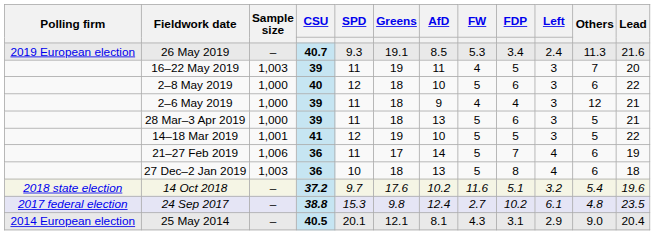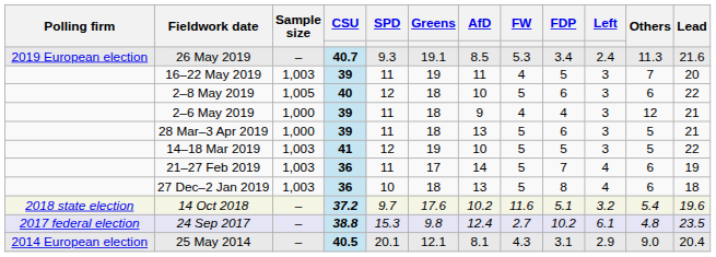 <table class="wikitable sortable" style="text-align:center;font-size:90%;line-height:14px;">
 <tr style="height:40px;">
 <th style="width:160px;" rowspan="2">Polling firm</th>
 <th style="width:125px;" rowspan="2">Fieldwork date</th>
 <th style="width:35px;" rowspan="2">Sample<br>size</th>
 <th class="unsortable" style="width:40px;"><span><a href='#'>CSU</a></span><br></th>
 <th class="unsortable" style="width:40px;"><a href='#'><span>SPD</span></a><br></th>
 <th class="unsortable" style="width:40px;"><a href='#'><span>Greens</span></a><br></th>
 <th class="unsortable" style="width:40px;"><a href='#'><span>AfD</span></a><br></th>
 <th class="unsortable" style="width:40px;"><a href='#'>FW</a><br></th>
 <th class="unsortable" style="width:40px;"><a href='#'><span>FDP</span></a><br></th>
 <th class="unsortable" style="width:40px;"><a href='#'><span>Left</span></a><br></th>
 <th class="unsortable" style="width:30px;" rowspan="2">Others</th>
 <th style="width:30px;" rowspan="2">Lead</th>
 </tr>
 <tr>
 <th style="background:"></th>
 <th style="background:"></th>
 <th style="background:"></th>
 <th style="background:"></th>
 <th style="background:"></th>
 <th style="background:"></th>
 <th style="background:"></th>
 </tr>
 <tr style="background:#E9E9E9;">
 <td><a href='#'>2019 European election</a></td>
 <td data-sort-value="2019-05-26">26 May 2019</td>
 <td>–</td>
 <td style="background:#C6E5F2;"><strong>40.7</strong></td>
 <td>9.3</td>
 <td>19.1</td>
 <td>8.5</td>
 <td>5.3</td>
 <td>3.4</td>
 <td>2.4</td>
 <td>11.3</td>
 <td style="background:">21.6</td>
 </tr>
 <tr>
 <td></td>
 <td data-sort-value="2019-05-22">16–22 May 2019</td>
 <td>1,003</td>
 <td style="background:#C6E5F2;"><strong>39</strong></td>
 <td>11</td>
 <td>19</td>
 <td>11</td>
 <td>4</td>
 <td>5</td>
 <td>3</td>
 <td>7</td>
 <td style="background:">20</td>
 </tr>
 <tr>
 <td></td>
 <td data-sort-value="2019-05-08">2–8 May 2019</td>
-<td>1,000</td>
+<td>1,005</td>
 <td style="background:#C6E5F2;"><strong>40</strong></td>
 <td>12</td>
 <td>18</td>
 <td>10</td>
 <td>5</td>
 <td>6</td>
 <td>3</td>
 <td>6</td>
 <td style="background:">22</td>
 </tr>
 <tr>
 <td></td>
 <td data-sort-value="2019-05-06">2–6 May 2019</td>
 <td>1,000</td>
 <td style="background:#C6E5F2;"><strong>39</strong></td>
 <td>11</td>
 <td>18</td>
 <td>9</td>
 <td>4</td>
 <td>4</td>
 <td>3</td>
 <td>12</td>
 <td style="background:">21</td>
 </tr>
 <tr>
 <td></td>
 <td data-sort-value="2019-04-03">28 Mar–3 Apr 2019</td>
 <td>1,000</td>
 <td style="background:#C6E5F2;"><strong>39</strong></td>
 <td>11</td>
 <td>18</td>
 <td>13</td>
 <td>5</td>
 <td>6</td>
 <td>3</td>
 <td>5</td>
 <td style="background:">21</td>
 </tr>
 <tr>
 <td></td>
 <td data-sort-value="2019-03-18">14–18 Mar 2019</td>
-<td>1,001</td>
+<td>1,003</td>
 <td style="background:#C6E5F2;"><strong>41</strong></td>
 <td>12</td>
 <td>19</td>
 <td>10</td>
 <td>5</td>
 <td>5</td>
 <td>3</td>
 <td>5</td>
 <td style="background:">22</td>
 </tr>
 <tr>
 <td></td>
 <td data-sort-value="2019-02-27">21–27 Feb 2019</td>
-<td>1,006</td>
+<td>1,003</td>
 <td style="background:#C6E5F2;"><strong>36</strong></td>
 <td>11</td>
 <td>17</td>
 <td>14</td>
 <td>5</td>
 <td>7</td>
 <td>4</td>
 <td>6</td>
 <td style="background:">19</td>
 </tr>
 <tr>
 <td></td>
 <td data-sort-value="2019-01-02">27 Dec–2 Jan 2019</td>
 <td>1,003</td>
 <td style="background:#C6E5F2;"><strong>36</strong></td>
 <td>10</td>
 <td>18</td>
 <td>13</td>
 <td>5</td>
 <td>8</td>
 <td>4</td>
 <td>6</td>
 <td style="background:">18</td>
 </tr>
 <tr style="background:#F5F5E5;font-style:italic;">
 <td><a href='#'>2018 state election</a></td>
 <td data-sort-value="2018-10-14">14 Oct 2018</td>
 <td>–</td>
 <td style="background:#C6E5F2;"><strong>37.2</strong></td>
 <td>9.7</td>
 <td>17.6</td>
 <td>10.2</td>
 <td>11.6</td>
 <td>5.1</td>
 <td>3.2</td>
 <td>5.4</td>
 <td style="background:">19.6</td>
 </tr>
 <tr style="background:#E5E5F5;font-style:italic;">
 <td><a href='#'>2017 federal election</a></td>
 <td data-sort-value="2017-09-24">24 Sep 2017</td>
 <td>–</td>
 <td style="background:#C6E5F2;"><strong>38.8</strong></td>
 <td>15.3</td>
 <td>9.8</td>
 <td>12.4</td>
 <td>2.7</td>
 <td>10.2</td>
 <td>6.1</td>
 <td>4.8</td>
 <td style="background:">23.5</td>
 </tr>
 <tr style="background:#E9E9E9;">
 <td><a href='#'>2014 European election</a></td>
 <td data-sort-value="2014-05-25">25 May 2014</td>
 <td>–</td>
 <td style="background:#C6E5F2;"><strong>40.5</strong></td>
 <td>20.1</td>
 <td>12.1</td>
 <td>8.1</td>
 <td>4.3</td>
 <td>3.1</td>
 <td>2.9</td>
 <td>9.0</td>
 <td style="background:">20.4</td>
 </tr>
 </table>
